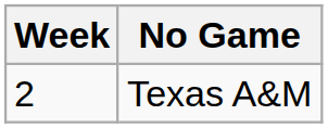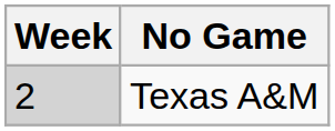 <table class="wikitable" style="font-size:95%">
 <tr>
 <th>Week</th>
 <th colspan="10">No Game</th>
 </tr>
 <tr>
-<td>2</td>
+<td style="background: lightgrey;">2</td>
 <td>Texas A&M</td>
 </tr>
 </table>
